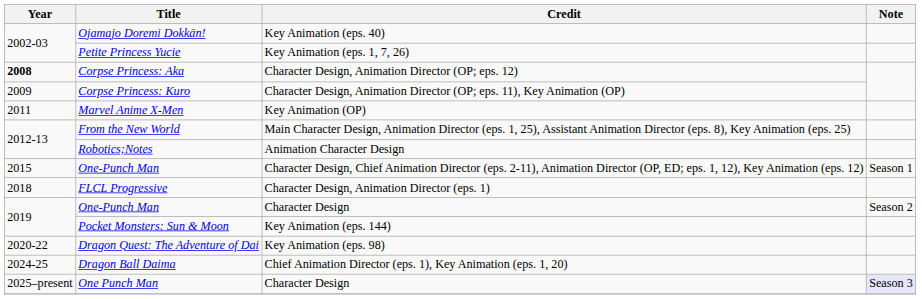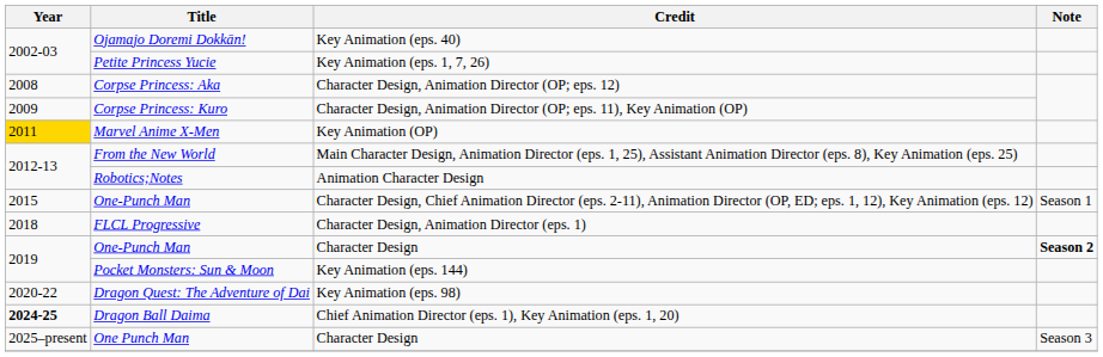 <table class="wikitable">
 <tr>
 <th>Year</th>
 <th>Title</th>
 <th>Credit</th>
 <th>Note</th>
 </tr>
 <tr>
 <td rowspan="2">2002-03</td>
 <td><em><a href='#'>Ojamajo Doremi Dokkān!</a></em></td>
 <td>Key Animation (eps. 40)</td>
 <td></td>
 </tr>
 <tr>
 <td><em><a href='#'>Petite Princess Yucie</a></em></td>
 <td>Key Animation (eps. 1, 7, 26)</td>
 <td></td>
 </tr>
 <tr>
-<td><strong>2008</strong></td>
+<td>2008</td>
 <td><em><a href='#'>Corpse Princess: Aka</a></em></td>
 <td>Character Design, Animation Director (OP; eps. 12)</td>
 <td rowspan="2"></td>
 </tr>
 <tr>
 <td>2009</td>
 <td><em><a href='#'>Corpse Princess: Kuro</a></em></td>
 <td>Character Design, Animation Director (OP; eps. 11), Key Animation (OP)</td>
 </tr>
 <tr>
-<td>2011</td>
+<td style="background: gold;">2011</td>
 <td><em><a href='#'>Marvel Anime X-Men</a></em></td>
 <td>Key Animation (OP)</td>
 <td></td>
 </tr>
 <tr>
 <td rowspan="2">2012-13</td>
 <td><em><a href='#'>From the New World</a></em></td>
 <td>Main Character Design, Animation Director (eps. 1, 25), Assistant Animation Director (eps. 8), Key Animation (eps. 25)</td>
 <td></td>
 </tr>
 <tr>
 <td><em><a href='#'>Robotics;Notes</a></em></td>
 <td>Animation Character Design</td>
 <td></td>
 </tr>
 <tr>
 <td>2015</td>
 <td><em><a href='#'>One-Punch Man</a></em></td>
 <td>Character Design, Chief Animation Director (eps. 2-11), Animation Director (OP, ED; eps. 1, 12), Key Animation (eps. 12)</td>
 <td>Season 1</td>
 </tr>
 <tr>
 <td>2018</td>
 <td><em><a href='#'>FLCL Progressive</a></em></td>
 <td>Character Design, Animation Director (eps. 1)</td>
 <td></td>
 </tr>
 <tr>
 <td rowspan="2">2019</td>
 <td><em><a href='#'>One-Punch Man</a></em></td>
 <td>Character Design</td>
-<td>Season 2</td>
+<td><strong>Season 2</strong></td>
 </tr>
 <tr>
 <td><em><a href='#'>Pocket Monsters: Sun & Moon</a></em></td>
 <td>Key Animation (eps. 144)</td>
 <td></td>
 </tr>
 <tr>
 <td>2020-22</td>
 <td><em><a href='#'>Dragon Quest: The Adventure of Dai</a></em></td>
 <td>Key Animation (eps. 98)</td>
 <td></td>
 </tr>
 <tr>
-<td>2024-25</td>
+<td><strong>2024-25</strong></td>
 <td><em><a href='#'>Dragon Ball Daima</a></em></td>
 <td>Chief Animation Director (eps. 1), Key Animation (eps. 1, 20)</td>
 <td></td>
 </tr>
 <tr>
 <td>2025–present</td>
 <td><em><a href='#'>One Punch Man</a></em></td>
 <td>Character Design</td>
-<td style="background: lavender;">Season 3</td>
+<td>Season 3</td>
 </tr>
 <tr>
 </tr>
 </table>
